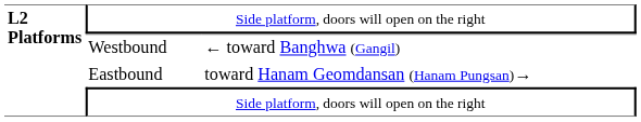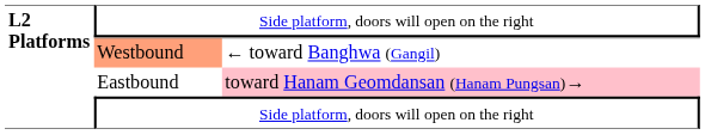 <table table border=0 cellspacing=0 cellpadding=3>
 <tr>
 <td style="border-top:solid 1px gray;border-bottom:solid 1px gray;" width=50 rowspan=10 valign=top><strong>L2<br>Platforms</strong></td>
 <td style="border-top:solid 1px gray;border-right:solid 2px black;border-left:solid 2px black;border-bottom:solid 2px black;text-align:center;" colspan=2><small><a href='#'>Side platform</a>, doors will open on the right</small></td>
 </tr>
 <tr>
-<td style="border-bottom:solid 0px gray;border-top:solid 1px gray;" width=100>Westbound</td>
+<td style="background: lightsalmon; border-bottom:solid 0px gray;border-top:solid 1px gray;" width=100>Westbound</td>
 <td style="border-bottom:solid 0px gray;border-top:solid 1px gray;" width=390>←  toward <a href='#'>Banghwa</a> <small>(<a href='#'>Gangil</a>)</small></td>
 </tr>
 <tr>
 <td>Eastbound</td>
-<td>  toward <a href='#'>Hanam Geomdansan</a> <small>(<a href='#'>Hanam Pungsan</a>)</small>→</td>
+<td style="background: pink;">  toward <a href='#'>Hanam Geomdansan</a> <small>(<a href='#'>Hanam Pungsan</a>)</small>→</td>
 </tr>
 <tr>
 <td style="border-top:solid 2px black;border-right:solid 2px black;border-left:solid 2px black;border-bottom:solid 1px gray;text-align:center;" colspan=2><small><a href='#'>Side platform</a>, doors will open on the right</small></td>
 </tr>
 </table>
